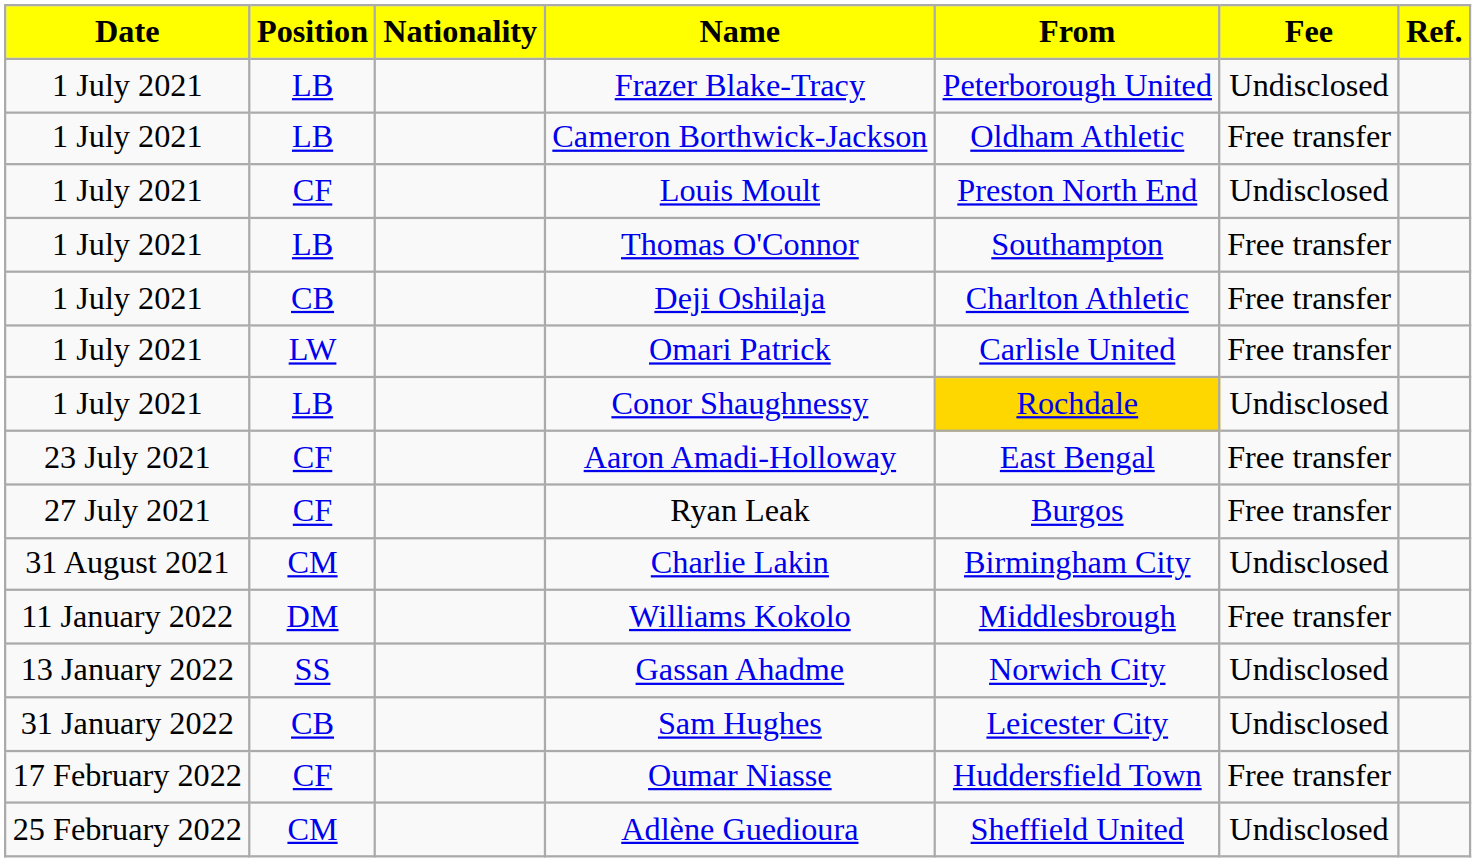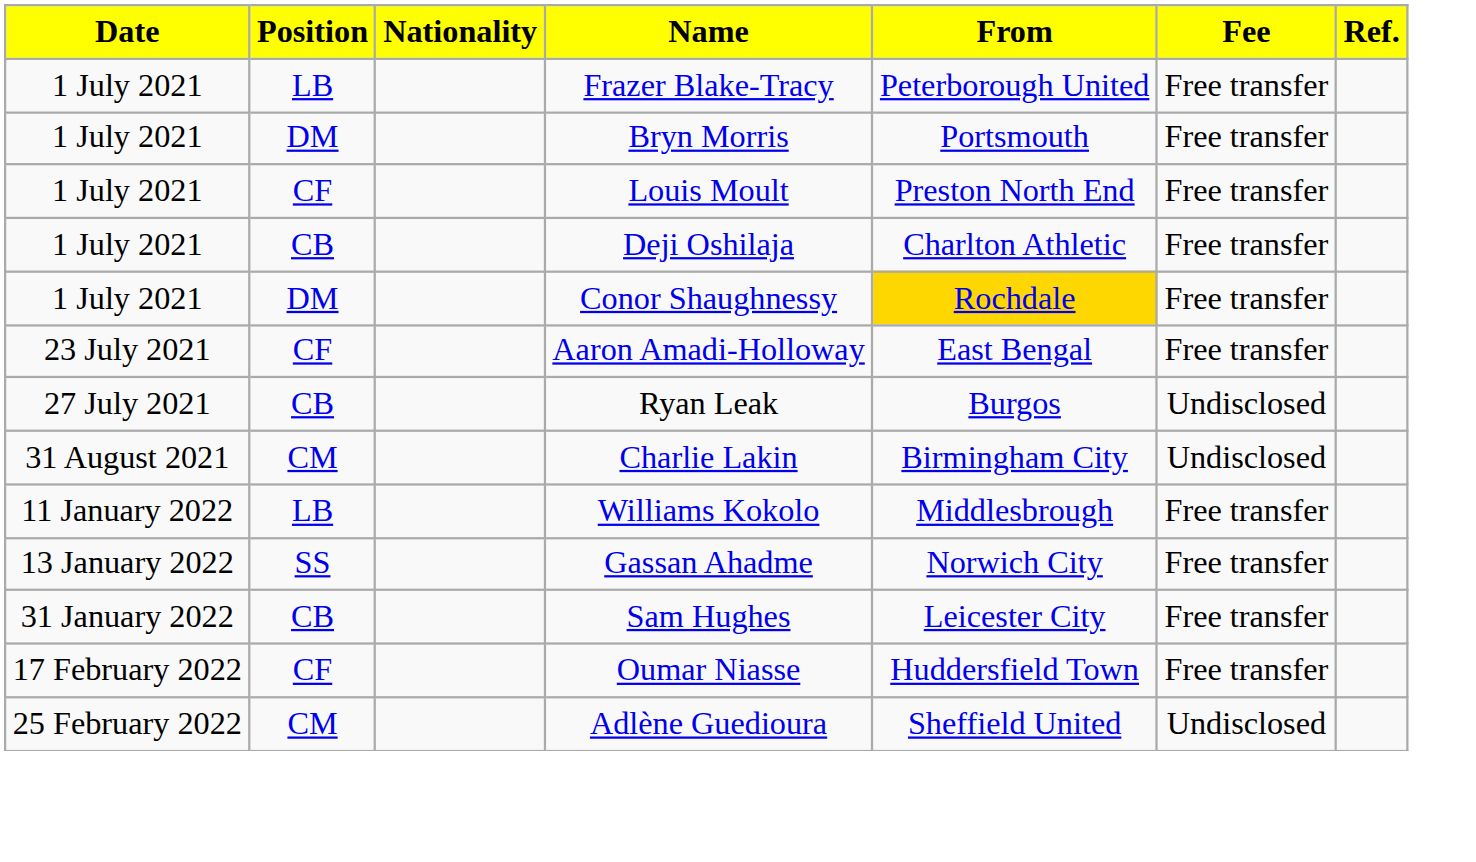 <table class="wikitable"  style="text-align:center; font-size:90%; ">
 <tr>
 <th style="background:yellow;">Date</th>
 <th style="background:yellow;">Position</th>
 <th style="background:yellow;">Nationality</th>
 <th style="background:yellow;">Name</th>
 <th style="background:yellow;">From</th>
 <th style="background:yellow;">Fee</th>
 <th style="background:yellow;">Ref.</th>
 </tr>
 <tr>
 <td>1 July 2021</td>
 <td><a href='#'>LB</a></td>
 <td></td>
 <td><a href='#'>Frazer Blake-Tracy</a></td>
 <td> <a href='#'>Peterborough United</a></td>
-<td>Undisclosed</td>
+<td>Free transfer</td>
 <td></td>
 </tr>
 <tr>
 <td>1 July 2021</td>
-<td><a href='#'>LB</a></td>
+<td><a href='#'>DM</a></td>
 <td></td>
-<td><a href='#'>Cameron Borthwick-Jackson</a></td>
-<td> <a href='#'>Oldham Athletic</a></td>
+<td><a href='#'>Bryn Morris</a></td>
+<td> <a href='#'>Portsmouth</a></td>
 <td>Free transfer</td>
 <td></td>
 </tr>
 <tr>
 <td>1 July 2021</td>
 <td><a href='#'>CF</a></td>
 <td></td>
 <td><a href='#'>Louis Moult</a></td>
 <td> <a href='#'>Preston North End</a></td>
-<td>Undisclosed</td>
-<td></td>
-</tr>
-<tr>
-<td>1 July 2021</td>
-<td><a href='#'>LB</a></td>
-<td></td>
-<td><a href='#'>Thomas O'Connor</a></td>
-<td> <a href='#'>Southampton</a></td>
 <td>Free transfer</td>
 <td></td>
 </tr>
 <tr>
 <td>1 July 2021</td>
 <td><a href='#'>CB</a></td>
 <td></td>
 <td><a href='#'>Deji Oshilaja</a></td>
 <td> <a href='#'>Charlton Athletic</a></td>
 <td>Free transfer</td>
 <td></td>
 </tr>
 <tr>
 <td>1 July 2021</td>
-<td><a href='#'>LW</a></td>
-<td></td>
-<td><a href='#'>Omari Patrick</a></td>
-<td> <a href='#'>Carlisle United</a></td>
-<td>Free transfer</td>
-<td></td>
-</tr>
-<tr>
-<td>1 July 2021</td>
-<td><a href='#'>LB</a></td>
+<td><a href='#'>DM</a></td>
 <td></td>
 <td><a href='#'>Conor Shaughnessy</a></td>
 <td style="background: gold;"> <a href='#'>Rochdale</a></td>
-<td>Undisclosed</td>
+<td>Free transfer</td>
 <td></td>
 </tr>
 <tr>
 <td>23 July 2021</td>
 <td><a href='#'>CF</a></td>
 <td></td>
 <td><a href='#'>Aaron Amadi-Holloway</a></td>
 <td> <a href='#'>East Bengal</a></td>
 <td>Free transfer</td>
 <td></td>
 </tr>
 <tr>
 <td>27 July 2021</td>
-<td><a href='#'>CF</a></td>
+<td><a href='#'>CB</a></td>
 <td></td>
 <td>Ryan Leak</td>
 <td> <a href='#'>Burgos</a></td>
-<td>Free transfer</td>
+<td>Undisclosed</td>
 <td></td>
 </tr>
 <tr>
 <td>31 August 2021</td>
 <td><a href='#'>CM</a></td>
 <td></td>
 <td><a href='#'>Charlie Lakin</a></td>
 <td> <a href='#'>Birmingham City</a></td>
 <td>Undisclosed</td>
 <td></td>
 </tr>
 <tr>
 <td>11 January 2022</td>
-<td><a href='#'>DM</a></td>
+<td><a href='#'>LB</a></td>
 <td></td>
 <td><a href='#'>Williams Kokolo</a></td>
 <td> <a href='#'>Middlesbrough</a></td>
 <td>Free transfer</td>
 <td></td>
 </tr>
 <tr>
 <td>13 January 2022</td>
 <td><a href='#'>SS</a></td>
 <td></td>
 <td><a href='#'>Gassan Ahadme</a></td>
 <td> <a href='#'>Norwich City</a></td>
-<td>Undisclosed</td>
+<td>Free transfer</td>
 <td></td>
 </tr>
 <tr>
 <td>31 January 2022</td>
 <td><a href='#'>CB</a></td>
 <td></td>
 <td><a href='#'>Sam Hughes</a></td>
 <td> <a href='#'>Leicester City</a></td>
-<td>Undisclosed</td>
+<td>Free transfer</td>
 <td></td>
 </tr>
 <tr>
 <td>17 February 2022</td>
 <td><a href='#'>CF</a></td>
 <td></td>
 <td><a href='#'>Oumar Niasse</a></td>
 <td> <a href='#'>Huddersfield Town</a></td>
 <td>Free transfer</td>
 <td></td>
 </tr>
 <tr>
 <td>25 February 2022</td>
 <td><a href='#'>CM</a></td>
 <td></td>
 <td><a href='#'>Adlène Guedioura</a></td>
 <td> <a href='#'>Sheffield United</a></td>
 <td>Undisclosed</td>
 <td></td>
 </tr>
 </table>
